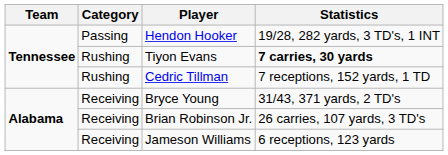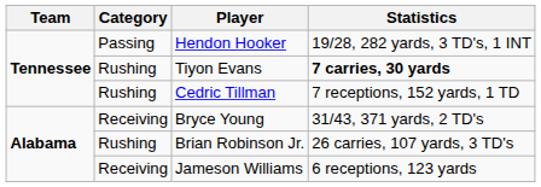 <table class="wikitable" style="float: right;">
 <tr>
 <th>Team</th>
 <th>Category</th>
 <th>Player</th>
 <th>Statistics</th>
 </tr>
 <tr>
 <td rowspan=3><strong>Tennessee</strong></td>
 <td>Passing</td>
 <td><a href='#'>Hendon Hooker</a></td>
 <td>19/28, 282 yards, 3 TD's, 1 INT</td>
 </tr>
 <tr>
 <td>Rushing</td>
 <td>Tiyon Evans</td>
 <td><strong>7 carries, 30 yards</strong></td>
 </tr>
 <tr>
 <td>Rushing</td>
 <td><a href='#'>Cedric Tillman</a></td>
 <td>7 receptions, 152 yards, 1 TD</td>
 </tr>
 <tr>
 <td rowspan=3><strong>Alabama</strong></td>
 <td>Receiving</td>
 <td>Bryce Young</td>
 <td>31/43, 371 yards, 2 TD's</td>
 </tr>
 <tr>
-<td>Receiving</td>
+<td>Rushing</td>
 <td>Brian Robinson Jr.</td>
 <td>26 carries, 107 yards, 3 TD's</td>
 </tr>
 <tr>
 <td>Receiving</td>
 <td>Jameson Williams</td>
 <td>6 receptions, 123 yards</td>
 </tr>
 </table>
